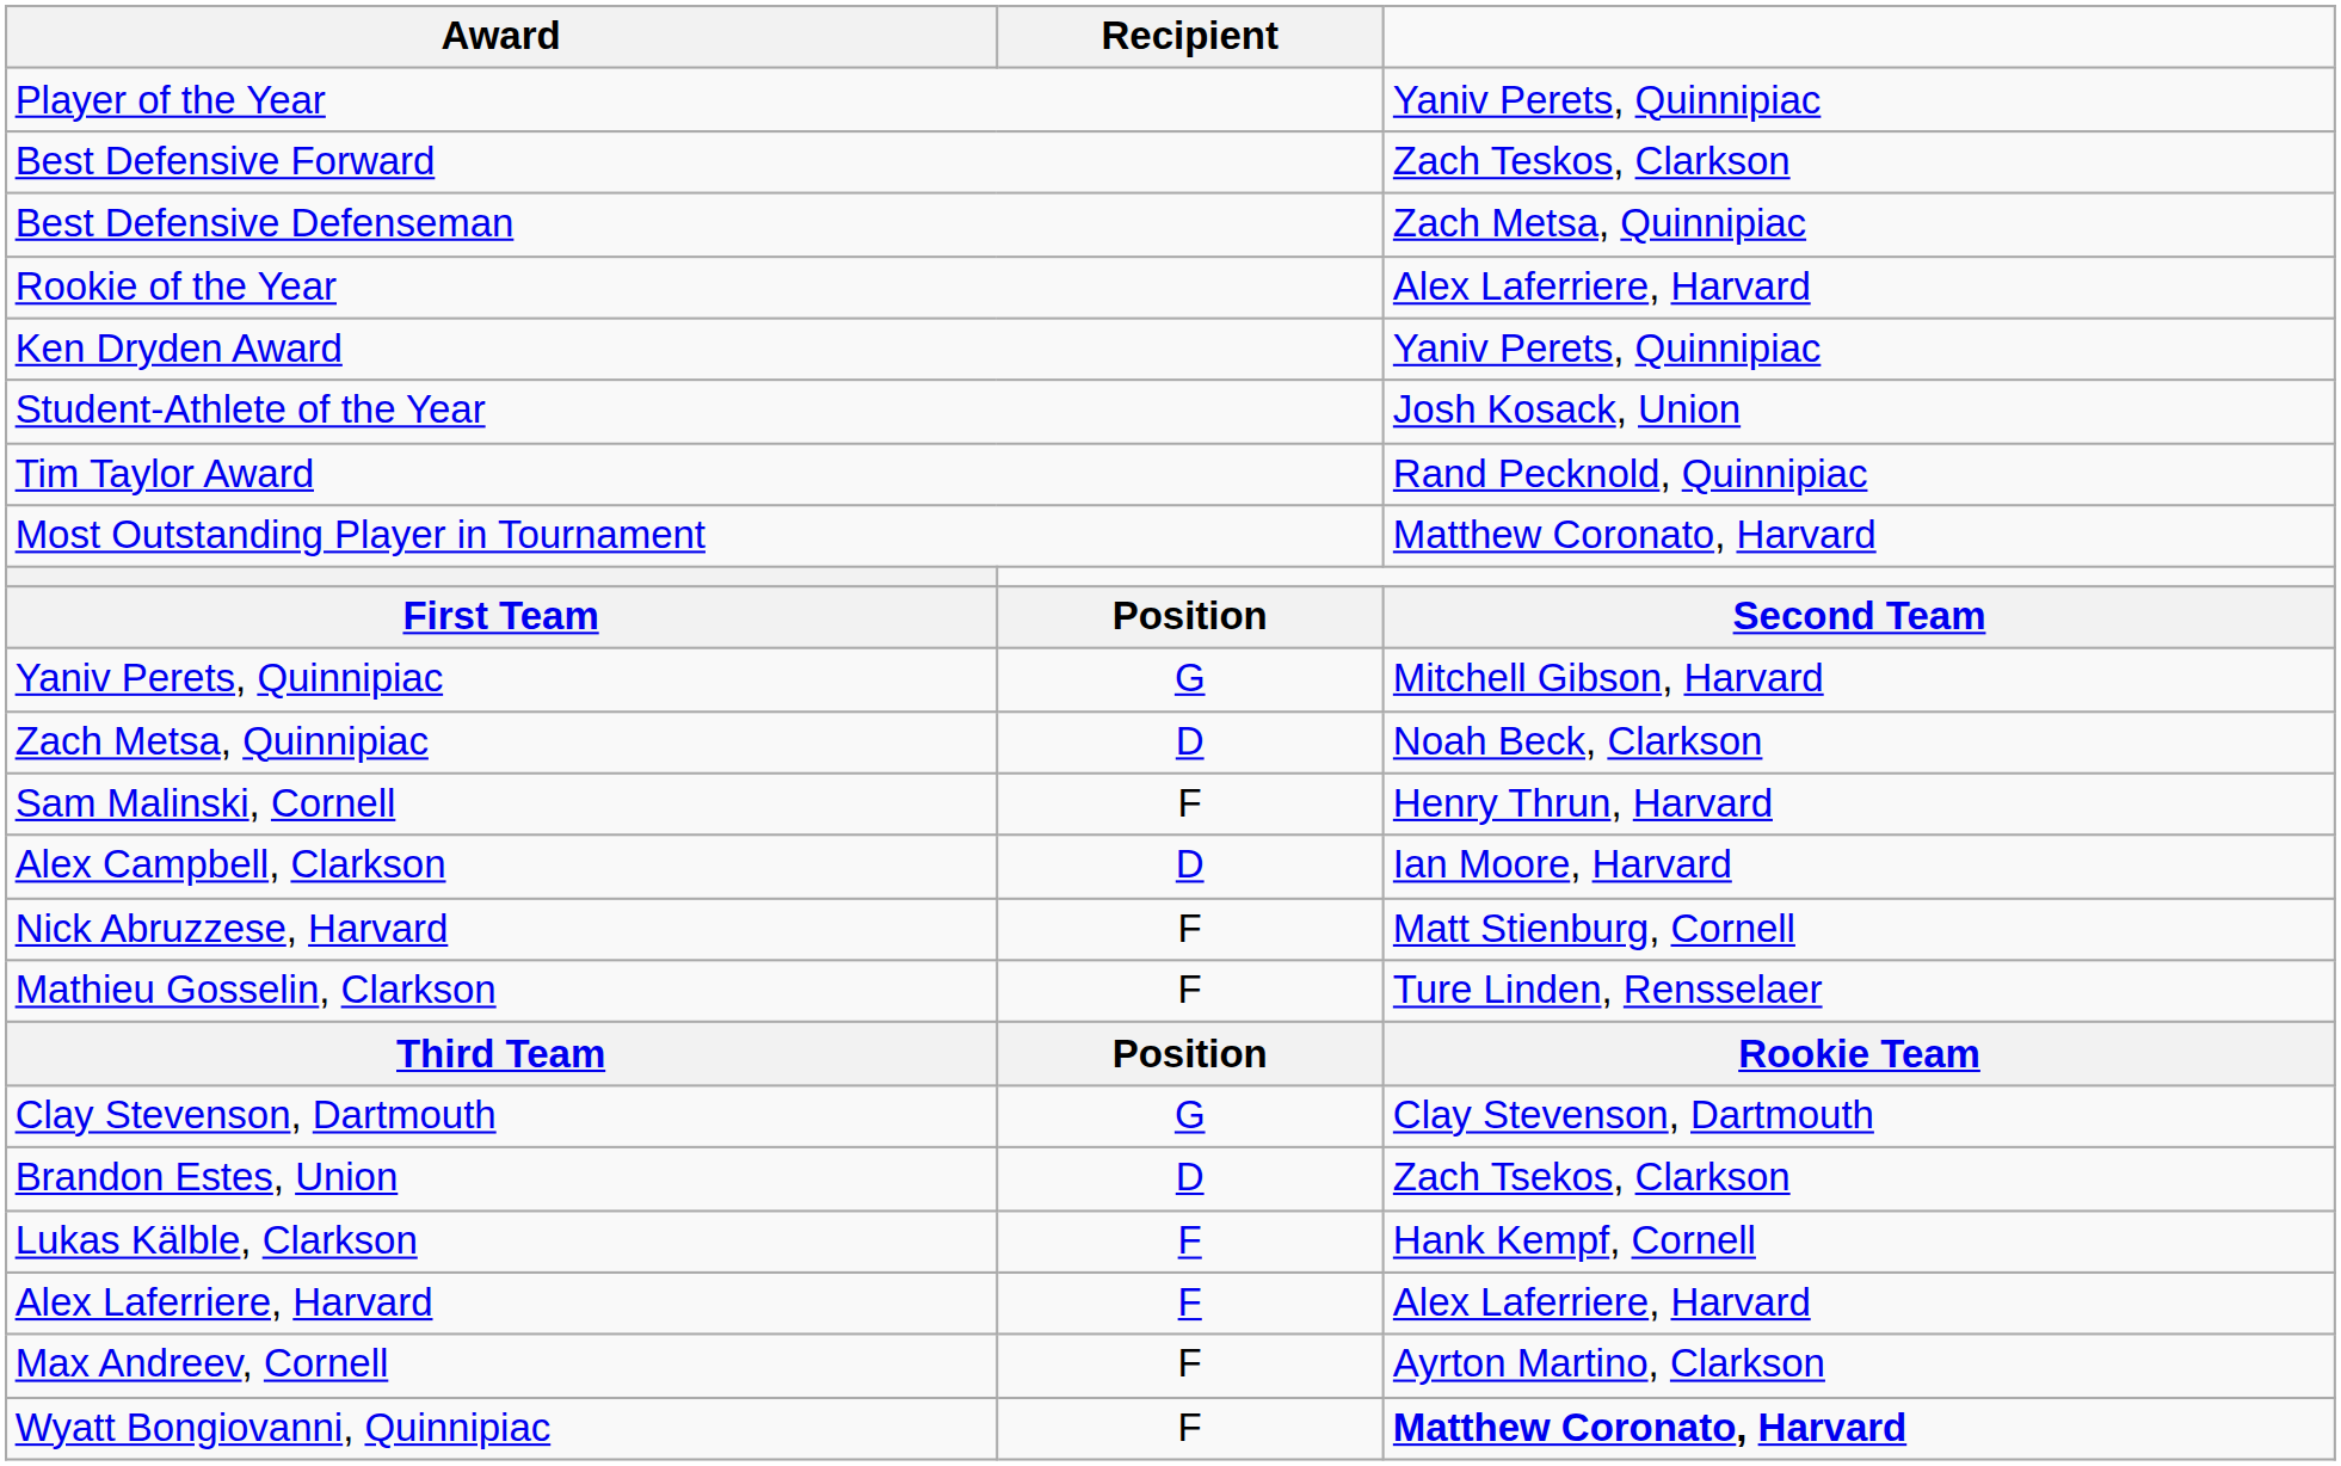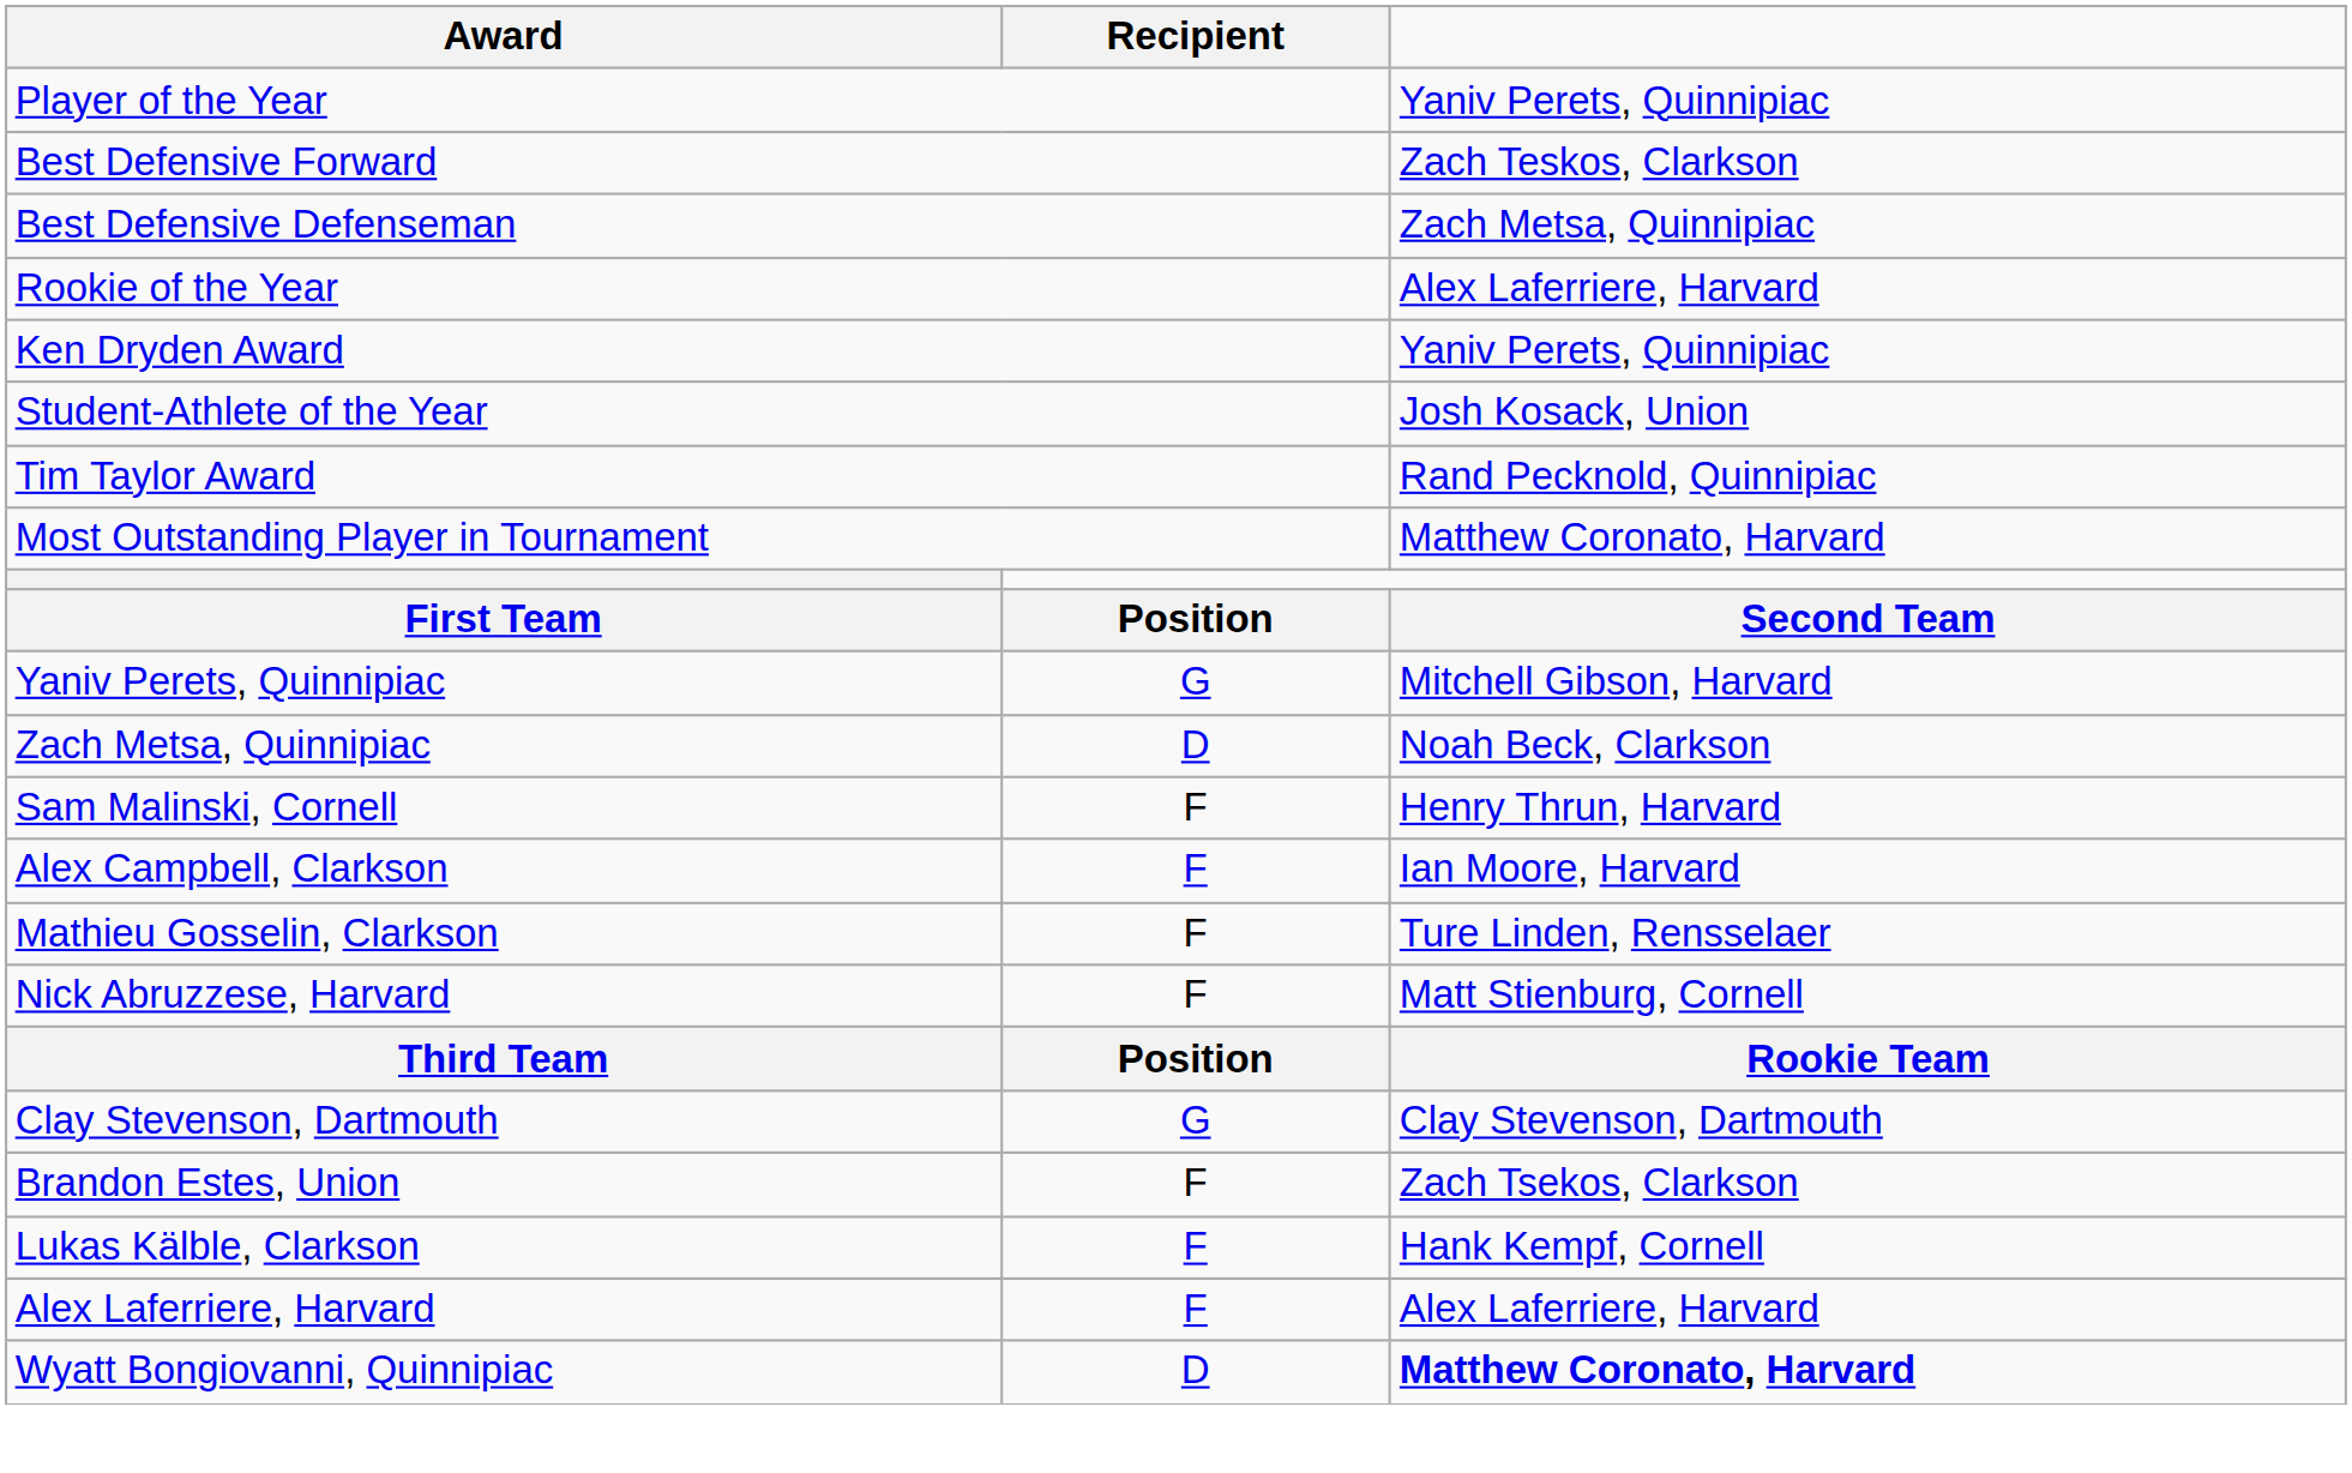 <table class="wikitable" width=75%>
 <tr>
 <th>Award</th>
 <th>Recipient</th>
 </tr>
 <tr>
 <td colspan=2><a href='#'>Player of the Year</a></td>
 <td><a href='#'>Yaniv Perets</a>, <a href='#'>Quinnipiac</a></td>
 </tr>
 <tr>
 <td colspan=2><a href='#'>Best Defensive Forward</a></td>
 <td><a href='#'>Zach Teskos</a>, <a href='#'>Clarkson</a></td>
 </tr>
 <tr>
 <td colspan=2><a href='#'>Best Defensive Defenseman</a></td>
 <td><a href='#'>Zach Metsa</a>, <a href='#'>Quinnipiac</a></td>
 </tr>
 <tr>
 <td colspan=2><a href='#'>Rookie of the Year</a></td>
 <td><a href='#'>Alex Laferriere</a>, <a href='#'>Harvard</a></td>
 </tr>
 <tr>
 <td colspan=2><a href='#'>Ken Dryden Award</a></td>
 <td><a href='#'>Yaniv Perets</a>, <a href='#'>Quinnipiac</a></td>
 </tr>
 <tr>
 <td colspan=2><a href='#'>Student-Athlete of the Year</a></td>
 <td><a href='#'>Josh Kosack</a>, <a href='#'>Union</a></td>
 </tr>
 <tr>
 <td colspan=2><a href='#'>Tim Taylor Award</a></td>
 <td><a href='#'>Rand Pecknold</a>, <a href='#'>Quinnipiac</a></td>
 </tr>
 <tr>
 <td colspan=2><a href='#'>Most Outstanding Player in Tournament</a></td>
 <td><a href='#'>Matthew Coronato</a>, <a href='#'>Harvard</a></td>
 </tr>
 <tr>
 <th><a href='#'></a></th>
 </tr>
 <tr>
 <th><a href='#'>First Team</a></th>
 <th>  Position  </th>
 <th><a href='#'>Second Team</a></th>
 </tr>
 <tr>
 <td><a href='#'>Yaniv Perets</a>, <a href='#'>Quinnipiac</a></td>
 <td align=center><a href='#'>G</a></td>
 <td><a href='#'>Mitchell Gibson</a>, <a href='#'>Harvard</a></td>
 </tr>
 <tr>
 <td><a href='#'>Zach Metsa</a>, <a href='#'>Quinnipiac</a></td>
 <td align=center><a href='#'>D</a></td>
 <td><a href='#'>Noah Beck</a>, <a href='#'>Clarkson</a></td>
 </tr>
 <tr>
 <td><a href='#'>Sam Malinski</a>, <a href='#'>Cornell</a></td>
 <td align=center>F</td>
 <td><a href='#'>Henry Thrun</a>, <a href='#'>Harvard</a></td>
 </tr>
 <tr>
 <td><a href='#'>Alex Campbell</a>, <a href='#'>Clarkson</a></td>
-<td align=center><a href='#'>D</a></td>
+<td align=center><a href='#'>F</a></td>
 <td><a href='#'>Ian Moore</a>, <a href='#'>Harvard</a></td>
+</tr>
+<tr>
+<td><a href='#'>Mathieu Gosselin</a>, <a href='#'>Clarkson</a></td>
+<td align=center>F</td>
+<td><a href='#'>Ture Linden</a>, <a href='#'>Rensselaer</a></td>
 </tr>
 <tr>
 <td><a href='#'>Nick Abruzzese</a>, <a href='#'>Harvard</a></td>
 <td align=center>F</td>
 <td><a href='#'>Matt Stienburg</a>, <a href='#'>Cornell</a></td>
-</tr>
-<tr>
-<td><a href='#'>Mathieu Gosselin</a>, <a href='#'>Clarkson</a></td>
-<td align=center>F</td>
-<td><a href='#'>Ture Linden</a>, <a href='#'>Rensselaer</a></td>
 </tr>
 <tr>
 <th><a href='#'>Third Team</a></th>
 <th>  Position  </th>
 <th><a href='#'>Rookie Team</a></th>
 </tr>
 <tr>
 <td><a href='#'>Clay Stevenson</a>, <a href='#'>Dartmouth</a></td>
 <td align=center><a href='#'>G</a></td>
 <td><a href='#'>Clay Stevenson</a>, <a href='#'>Dartmouth</a></td>
 </tr>
 <tr>
 <td><a href='#'>Brandon Estes</a>, <a href='#'>Union</a></td>
-<td align=center><a href='#'>D</a></td>
+<td align=center>F</td>
 <td><a href='#'>Zach Tsekos</a>, <a href='#'>Clarkson</a></td>
 </tr>
 <tr>
 <td><a href='#'>Lukas Kälble</a>, <a href='#'>Clarkson</a></td>
 <td align=center><a href='#'>F</a></td>
 <td><a href='#'>Hank Kempf</a>, <a href='#'>Cornell</a></td>
 </tr>
 <tr>
 <td><a href='#'>Alex Laferriere</a>, <a href='#'>Harvard</a></td>
 <td align=center><a href='#'>F</a></td>
 <td><a href='#'>Alex Laferriere</a>, <a href='#'>Harvard</a></td>
 </tr>
 <tr>
-<td><a href='#'>Max Andreev</a>, <a href='#'>Cornell</a></td>
-<td align=center>F</td>
-<td><a href='#'>Ayrton Martino</a>, <a href='#'>Clarkson</a></td>
-</tr>
-<tr>
 <td><a href='#'>Wyatt Bongiovanni</a>, <a href='#'>Quinnipiac</a></td>
-<td align=center>F</td>
+<td align=center><a href='#'>D</a></td>
 <td><strong><a href='#'>Matthew Coronato</a>, <a href='#'>Harvard</a></strong></td>
 </tr>
 </table>
